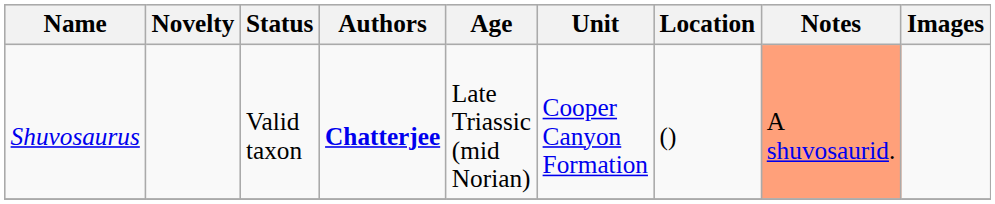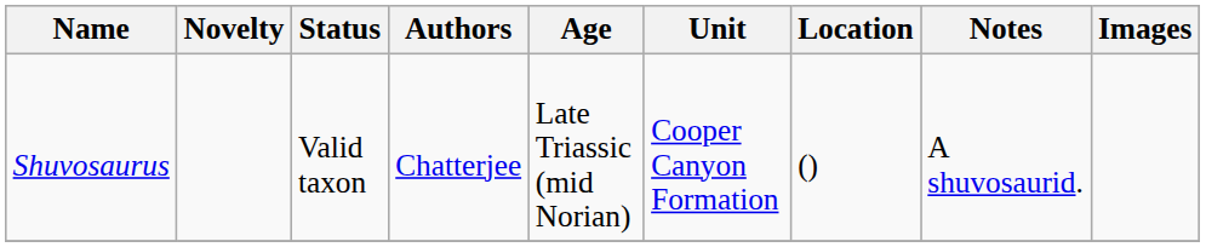 <table class="wikitable sortable" align="center" width="100%">
 <tr>
 <th>Name</th>
 <th>Novelty</th>
 <th>Status</th>
 <th>Authors</th>
 <th>Age</th>
 <th>Unit</th>
 <th>Location</th>
 <th>Notes</th>
 <th>Images</th>
 </tr>
 <tr>
 <td><br><em><a href='#'>Shuvosaurus</a></em></td>
 <td></td>
 <td><br>Valid taxon</td>
-<td><strong><br><a href='#'>Chatterjee</a></strong></td>
+<td><br><a href='#'>Chatterjee</a></td>
 <td><br>Late Triassic (mid Norian)</td>
 <td><br><a href='#'>Cooper Canyon Formation</a></td>
 <td><br> ()</td>
-<td style="background: lightsalmon;"><br>A <a href='#'>shuvosaurid</a>.</td>
+<td><br>A <a href='#'>shuvosaurid</a>.</td>
 <td><br></td>
 </tr>
 <tr>
 </tr>
 </table>
